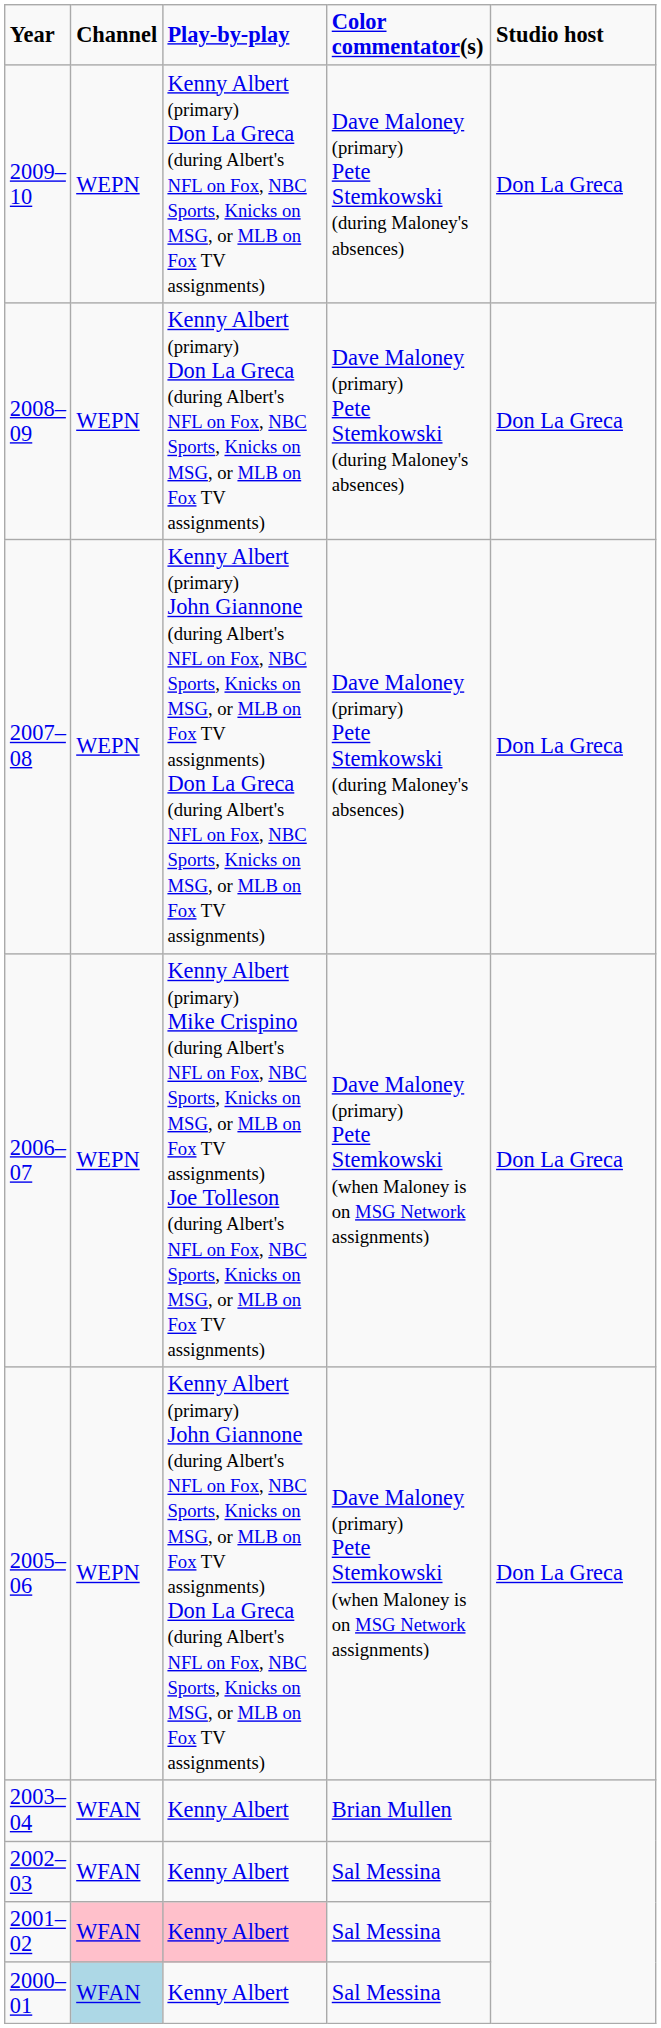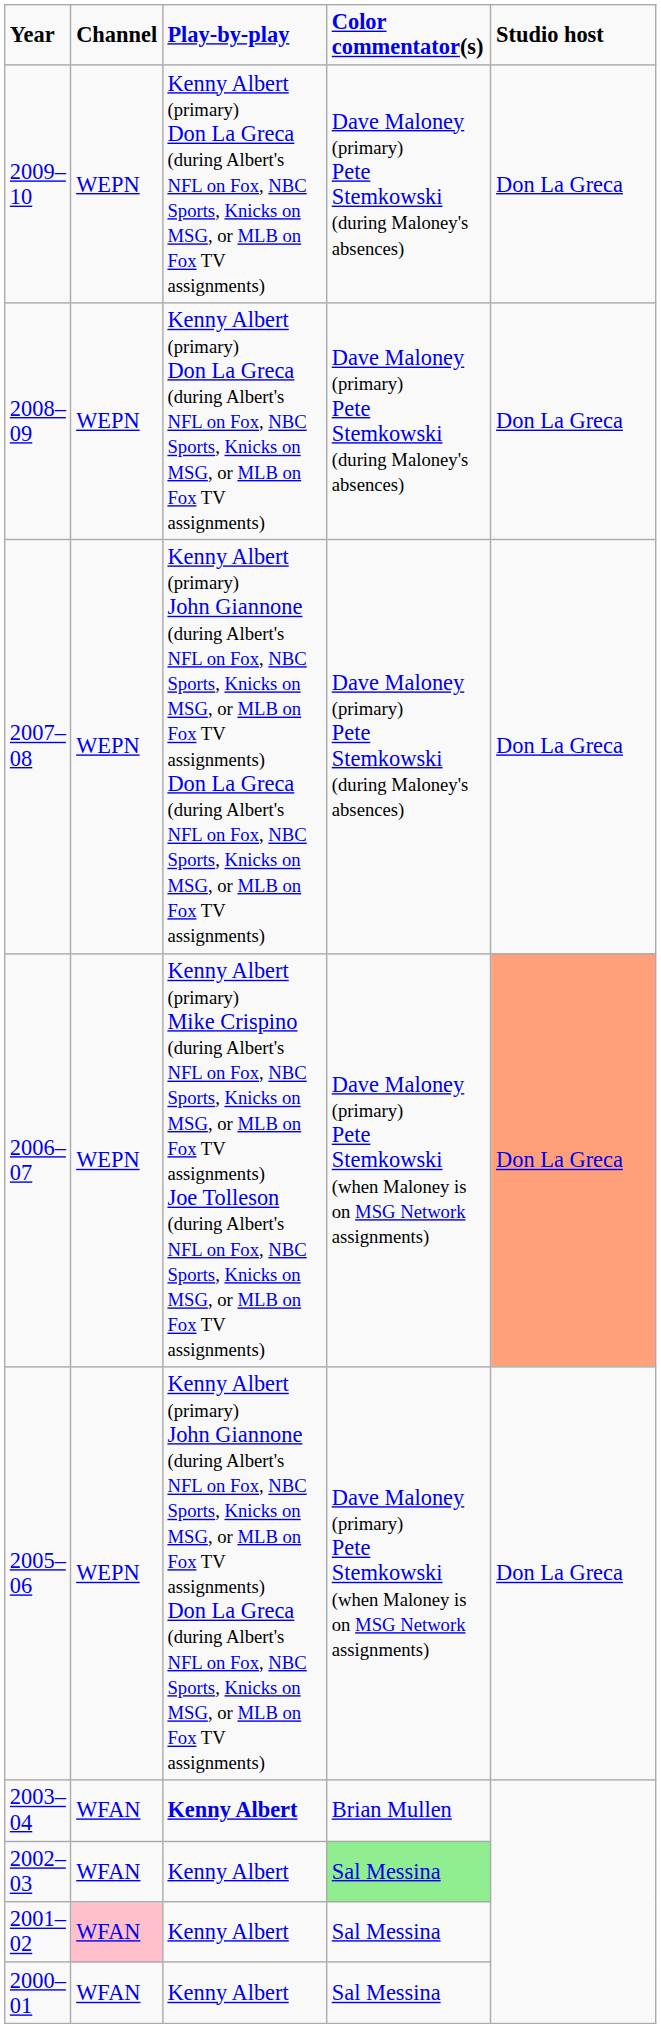 <table class="wikitable">
 <tr>
 <td width="40"><strong>Year</strong></td>
 <td width="40"><strong>Channel</strong></td>
 <td width="110"><strong><a href='#'>Play-by-play</a></strong></td>
 <td width="110"><strong><a href='#'>Color commentator</a>(s)</strong></td>
 <td width="110"><strong>Studio host</strong></td>
 </tr>
 <tr>
 <td><a href='#'>2009–10</a></td>
 <td><a href='#'>WEPN</a></td>
 <td><a href='#'>Kenny Albert</a> <small>(primary)</small><br><a href='#'>Don La Greca</a> <small>(during Albert's <a href='#'>NFL on Fox</a>, <a href='#'>NBC Sports</a>, <a href='#'>Knicks on MSG</a>, or <a href='#'>MLB on Fox</a> TV assignments)</small></td>
 <td><a href='#'>Dave Maloney</a> <small>(primary)</small><br><a href='#'>Pete Stemkowski</a> <small>(during Maloney's absences)</small></td>
 <td><a href='#'>Don La Greca</a></td>
 </tr>
 <tr>
 <td><a href='#'>2008–09</a></td>
 <td><a href='#'>WEPN</a></td>
 <td><a href='#'>Kenny Albert</a> <small>(primary)</small><br><a href='#'>Don La Greca</a> <small>(during Albert's <a href='#'>NFL on Fox</a>, <a href='#'>NBC Sports</a>, <a href='#'>Knicks on MSG</a>, or <a href='#'>MLB on Fox</a> TV assignments)</small></td>
 <td><a href='#'>Dave Maloney</a> <small>(primary)</small><br><a href='#'>Pete Stemkowski</a> <small>(during Maloney's absences)</small></td>
 <td><a href='#'>Don La Greca</a></td>
 </tr>
 <tr>
 <td><a href='#'>2007–08</a></td>
 <td><a href='#'>WEPN</a></td>
 <td><a href='#'>Kenny Albert</a> <small>(primary)</small><br><a href='#'>John Giannone</a> <small>(during Albert's <a href='#'>NFL on Fox</a>, <a href='#'>NBC Sports</a>, <a href='#'>Knicks on MSG</a>, or <a href='#'>MLB on Fox</a> TV assignments)</small><br><a href='#'>Don La Greca</a> <small>(during Albert's <a href='#'>NFL on Fox</a>, <a href='#'>NBC Sports</a>, <a href='#'>Knicks on MSG</a>, or <a href='#'>MLB on Fox</a> TV assignments)</small></td>
 <td><a href='#'>Dave Maloney</a> <small>(primary)</small><br><a href='#'>Pete Stemkowski</a> <small>(during Maloney's absences)</small></td>
 <td><a href='#'>Don La Greca</a></td>
 </tr>
 <tr>
 <td><a href='#'>2006–07</a></td>
 <td><a href='#'>WEPN</a></td>
 <td><a href='#'>Kenny Albert</a> <small>(primary)</small><br><a href='#'>Mike Crispino</a> <small>(during Albert's <a href='#'>NFL on Fox</a>, <a href='#'>NBC Sports</a>, <a href='#'>Knicks on MSG</a>, or <a href='#'>MLB on Fox</a> TV assignments)</small><br><a href='#'>Joe Tolleson</a> <small>(during Albert's <a href='#'>NFL on Fox</a>, <a href='#'>NBC Sports</a>, <a href='#'>Knicks on MSG</a>, or <a href='#'>MLB on Fox</a> TV assignments)</small></td>
 <td><a href='#'>Dave Maloney</a> <small>(primary)</small><br><a href='#'>Pete Stemkowski</a> <small>(when Maloney is on <a href='#'>MSG Network</a> assignments)</small></td>
-<td><a href='#'>Don La Greca</a></td>
+<td style="background: lightsalmon;"><a href='#'>Don La Greca</a></td>
 </tr>
 <tr>
 <td><a href='#'>2005–06</a></td>
 <td><a href='#'>WEPN</a></td>
 <td><a href='#'>Kenny Albert</a> <small>(primary)</small><br><a href='#'>John Giannone</a> <small>(during Albert's <a href='#'>NFL on Fox</a>, <a href='#'>NBC Sports</a>, <a href='#'>Knicks on MSG</a>, or <a href='#'>MLB on Fox</a> TV assignments)</small><br><a href='#'>Don La Greca</a> <small>(during Albert's <a href='#'>NFL on Fox</a>, <a href='#'>NBC Sports</a>, <a href='#'>Knicks on MSG</a>, or <a href='#'>MLB on Fox</a> TV assignments)</small></td>
 <td><a href='#'>Dave Maloney</a> <small>(primary)</small><br><a href='#'>Pete Stemkowski</a> <small>(when Maloney is on <a href='#'>MSG Network</a> assignments)</small></td>
 <td><a href='#'>Don La Greca</a></td>
 </tr>
 <tr>
 <td><a href='#'>2003–04</a></td>
 <td><a href='#'>WFAN</a></td>
-<td><a href='#'>Kenny Albert</a></td>
+<td><strong><a href='#'>Kenny Albert</a></strong></td>
 <td><a href='#'>Brian Mullen</a></td>
 </tr>
 <tr>
 <td><a href='#'>2002–03</a></td>
 <td><a href='#'>WFAN</a></td>
 <td><a href='#'>Kenny Albert</a></td>
-<td><a href='#'>Sal Messina</a></td>
+<td style="background: lightgreen;"><a href='#'>Sal Messina</a></td>
 </tr>
 <tr>
 <td><a href='#'>2001–02</a></td>
 <td style="background: pink;"><a href='#'>WFAN</a></td>
-<td style="background: pink;"><a href='#'>Kenny Albert</a></td>
+<td><a href='#'>Kenny Albert</a></td>
 <td><a href='#'>Sal Messina</a></td>
 </tr>
 <tr>
 <td><a href='#'>2000–01</a></td>
-<td style="background: lightblue;"><a href='#'>WFAN</a></td>
+<td><a href='#'>WFAN</a></td>
 <td><a href='#'>Kenny Albert</a></td>
 <td><a href='#'>Sal Messina</a></td>
 </tr>
 </table>
